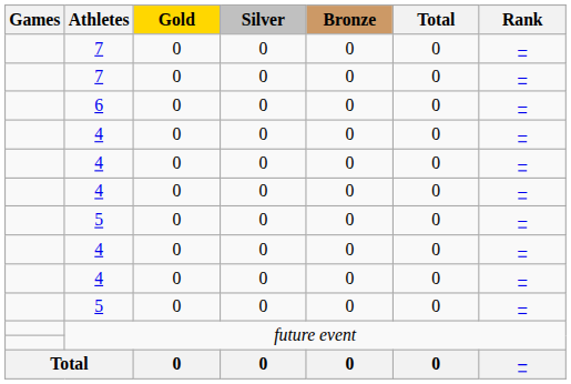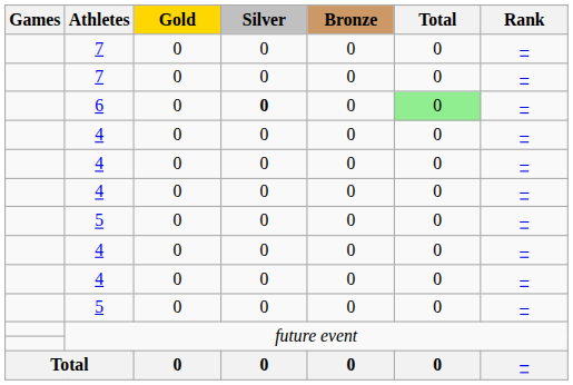 <table class="wikitable" style="text-align:center; font-size:90%;">
 <tr Medals by Summer Games>
 <th>Games</th>
 <th>Athletes</th>
 <td style="background:gold; width:4.5em; font-weight:bold;">Gold</td>
 <td style="background:silver; width:4.5em; font-weight:bold;">Silver</td>
 <td style="background:#cc9966; width:4.5em; font-weight:bold;">Bronze</td>
 <th style="width:4.5em; font-weight:bold;">Total</th>
 <th style="width:4.5em; font-weight:bold;">Rank</th>
 </tr>
 <tr>
 <td align=left></td>
 <td><a href='#'>7</a></td>
 <td>0</td>
 <td>0</td>
 <td>0</td>
 <td>0</td>
 <td><a href='#'>–</a></td>
 </tr>
 <tr>
 <td align=left></td>
 <td><a href='#'>7</a></td>
 <td>0</td>
 <td>0</td>
 <td>0</td>
 <td>0</td>
 <td><a href='#'>–</a></td>
 </tr>
 <tr>
 <td align=left></td>
 <td><a href='#'>6</a></td>
 <td>0</td>
+<td><strong>0</strong></td>
 <td>0</td>
-<td>0</td>
-<td>0</td>
+<td style="background: lightgreen;">0</td>
 <td><a href='#'>–</a></td>
 </tr>
 <tr>
 <td align=left></td>
 <td><a href='#'>4</a></td>
 <td>0</td>
 <td>0</td>
 <td>0</td>
 <td>0</td>
 <td><a href='#'>–</a></td>
 </tr>
 <tr>
 <td align=left></td>
 <td><a href='#'>4</a></td>
 <td>0</td>
 <td>0</td>
 <td>0</td>
 <td>0</td>
 <td><a href='#'>–</a></td>
 </tr>
 <tr>
 <td align=left></td>
 <td><a href='#'>4</a></td>
 <td>0</td>
 <td>0</td>
 <td>0</td>
 <td>0</td>
 <td><a href='#'>–</a></td>
 </tr>
 <tr>
 <td align=left></td>
 <td><a href='#'>5</a></td>
 <td>0</td>
 <td>0</td>
 <td>0</td>
 <td>0</td>
 <td><a href='#'>–</a></td>
 </tr>
 <tr>
 <td align=left></td>
 <td><a href='#'>4</a></td>
 <td>0</td>
 <td>0</td>
 <td>0</td>
 <td>0</td>
 <td><a href='#'>–</a></td>
 </tr>
 <tr>
 <td align=left></td>
 <td><a href='#'>4</a></td>
 <td>0</td>
 <td>0</td>
 <td>0</td>
 <td>0</td>
 <td><a href='#'>–</a></td>
 </tr>
 <tr>
 <td align=left></td>
 <td><a href='#'>5</a></td>
 <td>0</td>
 <td>0</td>
 <td>0</td>
 <td>0</td>
 <td><a href='#'>–</a></td>
 </tr>
 <tr>
 <td align=left></td>
 <td colspan=6; rowspan=2><em>future event</em></td>
 </tr>
 <tr>
 <td align=left></td>
 </tr>
 <tr>
 <th colspan=2>Total</th>
 <th>0</th>
 <th>0</th>
 <th>0</th>
 <th>0</th>
 <th><a href='#'>–</a></th>
 </tr>
 </table>
